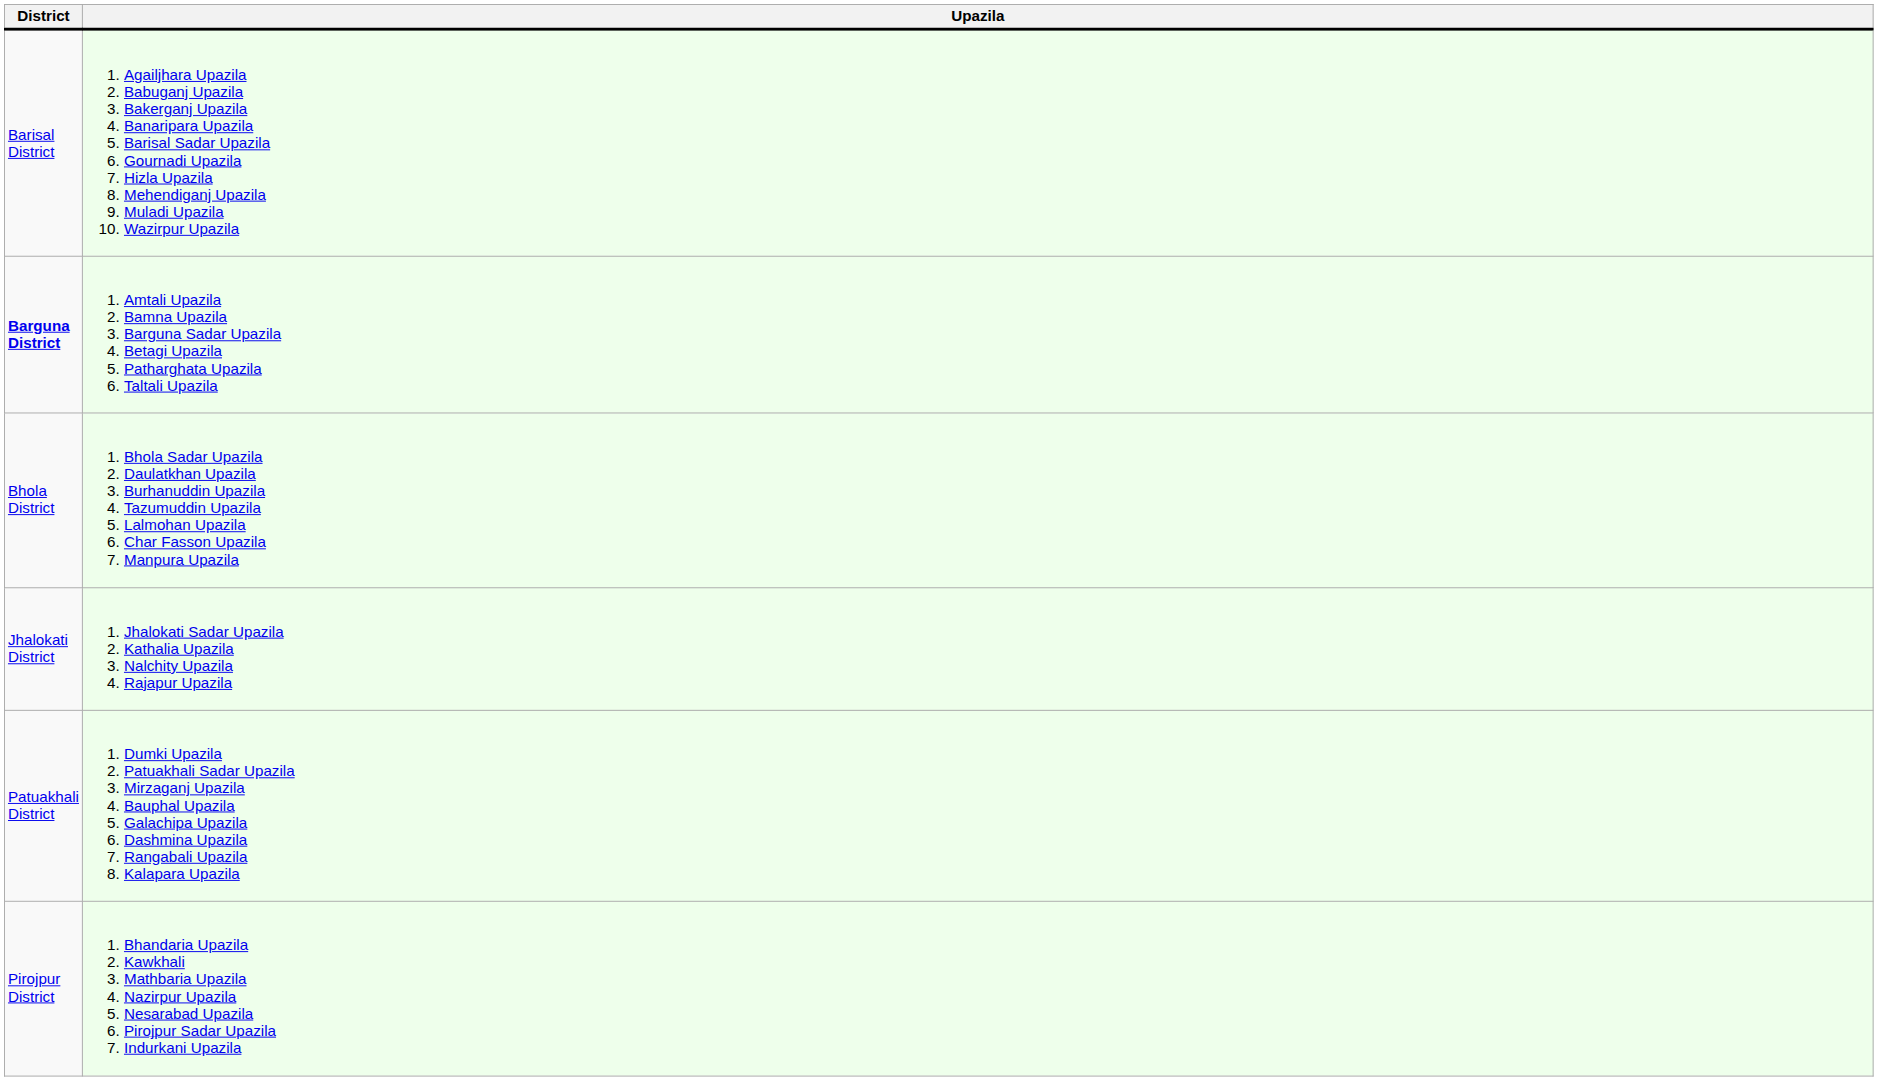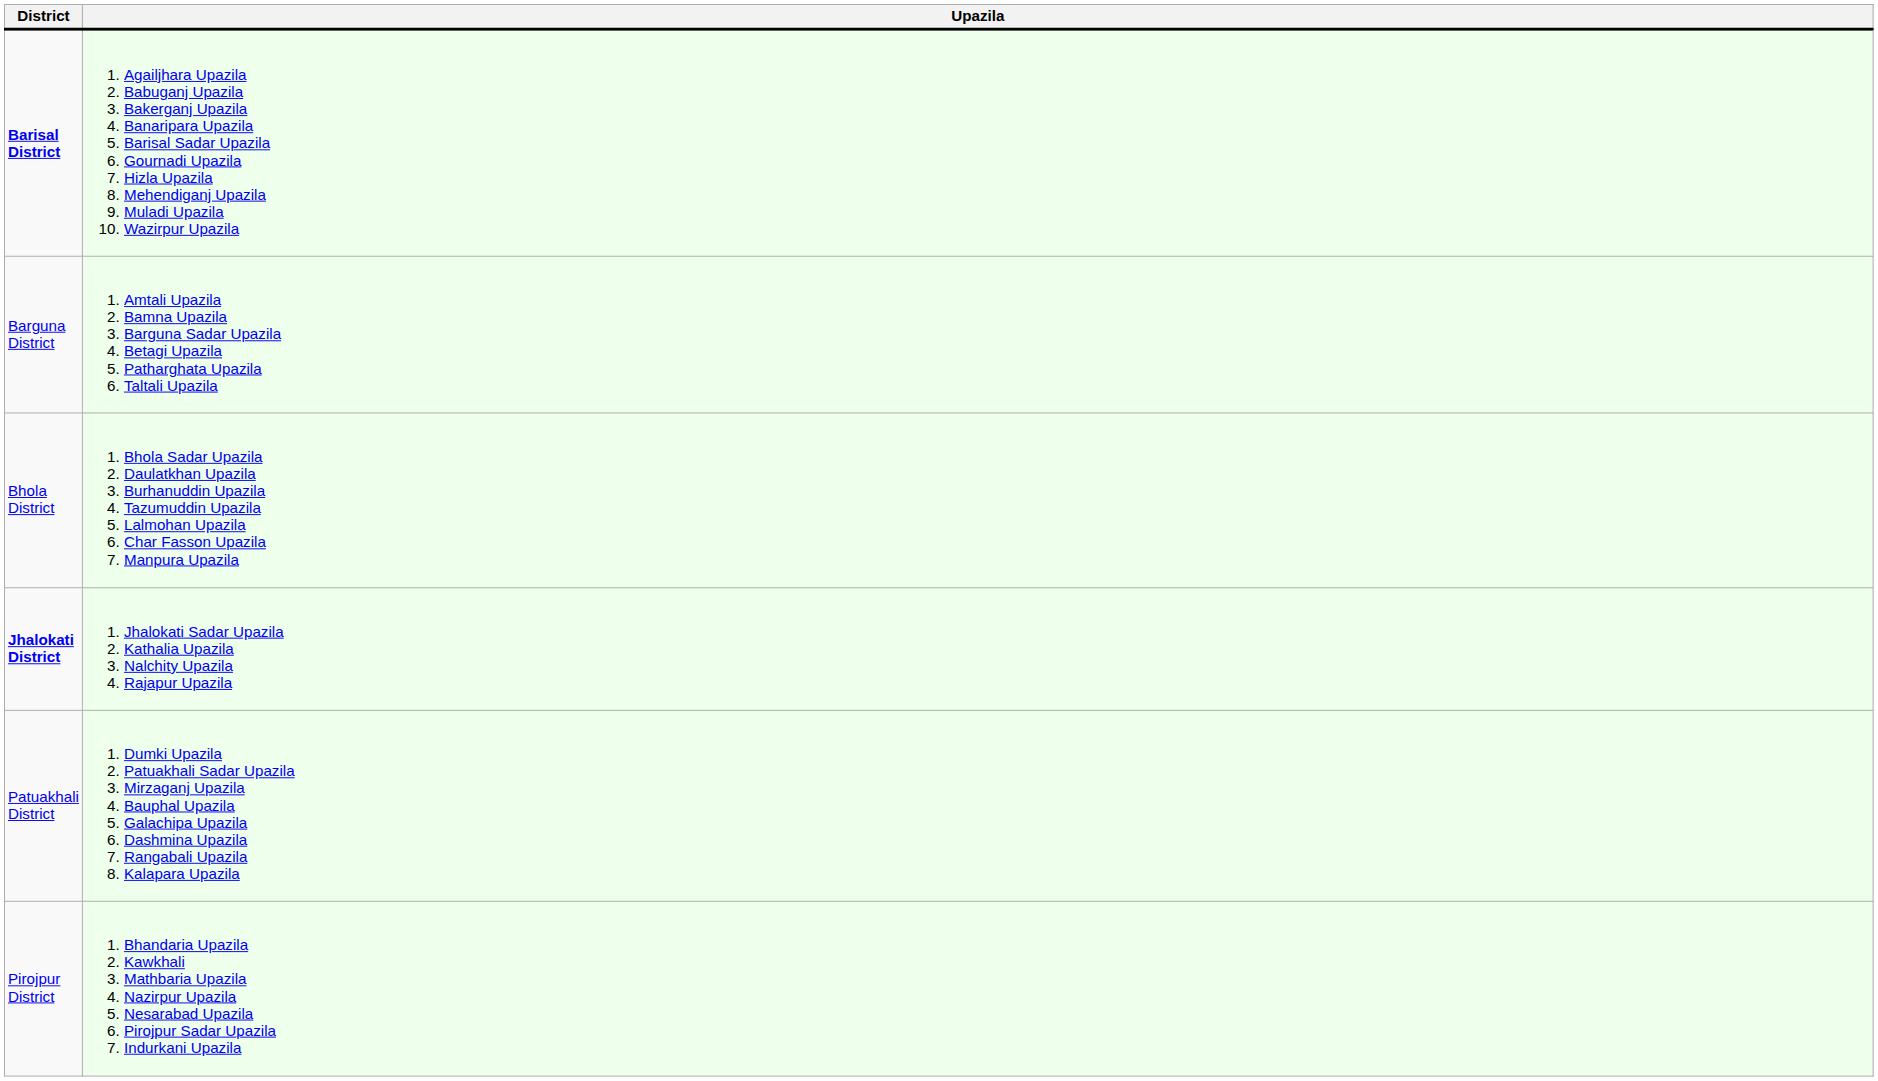 <table class="wikitable">
 <tr>
 <th>District</th>
 <th colspan="7" width="100%">Upazila</th>
 </tr>
 <tr style="border-top: 3px solid black">
-<td rowspan="1"><a href='#'>Barisal District</a></td>
+<td rowspan="1"><strong><a href='#'>Barisal District</a></strong></td>
 <td colspan="2" style="background: #eeffeb"><br><ol><li><a href='#'>Agailjhara Upazila</a></li><li><a href='#'>Babuganj Upazila</a></li><li><a href='#'>Bakerganj Upazila</a></li><li><a href='#'>Banaripara Upazila</a></li><li><a href='#'>Barisal Sadar Upazila</a></li><li><a href='#'>Gournadi Upazila</a></li><li><a href='#'>Hizla Upazila</a></li><li><a href='#'>Mehendiganj Upazila</a></li><li><a href='#'>Muladi Upazila</a></li><li><a href='#'>Wazirpur Upazila</a></li></ol></td>
 </tr>
 <tr>
-<td rowspan="1"><strong><a href='#'>Barguna District</a></strong></td>
+<td rowspan="1"><a href='#'>Barguna District</a></td>
 <td colspan="2" style="background: #eeffeb"><br><ol><li><a href='#'>Amtali Upazila</a></li><li><a href='#'>Bamna Upazila</a></li><li><a href='#'>Barguna Sadar Upazila</a></li><li><a href='#'>Betagi Upazila</a></li><li><a href='#'>Patharghata Upazila</a></li><li><a href='#'>Taltali Upazila</a></li></ol></td>
 </tr>
 <tr>
 <td rowspan="1"><a href='#'>Bhola District</a></td>
 <td colspan="2" style="background: #eeffeb"><br><ol><li><a href='#'>Bhola Sadar Upazila</a></li><li><a href='#'>Daulatkhan Upazila</a></li><li><a href='#'>Burhanuddin Upazila</a></li><li><a href='#'>Tazumuddin Upazila</a></li><li><a href='#'>Lalmohan Upazila</a></li><li><a href='#'>Char Fasson Upazila</a></li><li><a href='#'>Manpura Upazila</a></li></ol></td>
 </tr>
 <tr>
-<td rowspan="1"><a href='#'>Jhalokati District</a></td>
+<td rowspan="1"><strong><a href='#'>Jhalokati District</a></strong></td>
 <td colspan="2" style="background: #eeffeb"><br><ol><li><a href='#'>Jhalokati Sadar Upazila</a></li><li><a href='#'>Kathalia Upazila</a></li><li><a href='#'>Nalchity Upazila</a></li><li><a href='#'>Rajapur Upazila</a></li></ol></td>
 </tr>
 <tr>
 <td rowspan="1"><a href='#'>Patuakhali District</a></td>
 <td colspan="2" style="background: #eeffeb"><br><ol><li><a href='#'>Dumki Upazila</a></li><li><a href='#'>Patuakhali Sadar Upazila</a></li><li><a href='#'>Mirzaganj Upazila</a></li><li><a href='#'>Bauphal Upazila</a></li><li><a href='#'>Galachipa Upazila</a></li><li><a href='#'>Dashmina Upazila</a></li><li><a href='#'>Rangabali Upazila</a></li><li><a href='#'>Kalapara Upazila</a></li></ol></td>
 </tr>
 <tr>
 <td rowspan="1"><a href='#'>Pirojpur District</a></td>
 <td colspan="2" style="background: #eeffeb"><br><ol><li><a href='#'>Bhandaria Upazila</a></li><li><a href='#'>Kawkhali</a></li><li><a href='#'>Mathbaria Upazila</a></li><li><a href='#'>Nazirpur Upazila</a></li><li><a href='#'>Nesarabad Upazila</a></li><li><a href='#'>Pirojpur Sadar Upazila</a></li><li><a href='#'>Indurkani Upazila</a></li></ol></td>
 </tr>
 </table>
